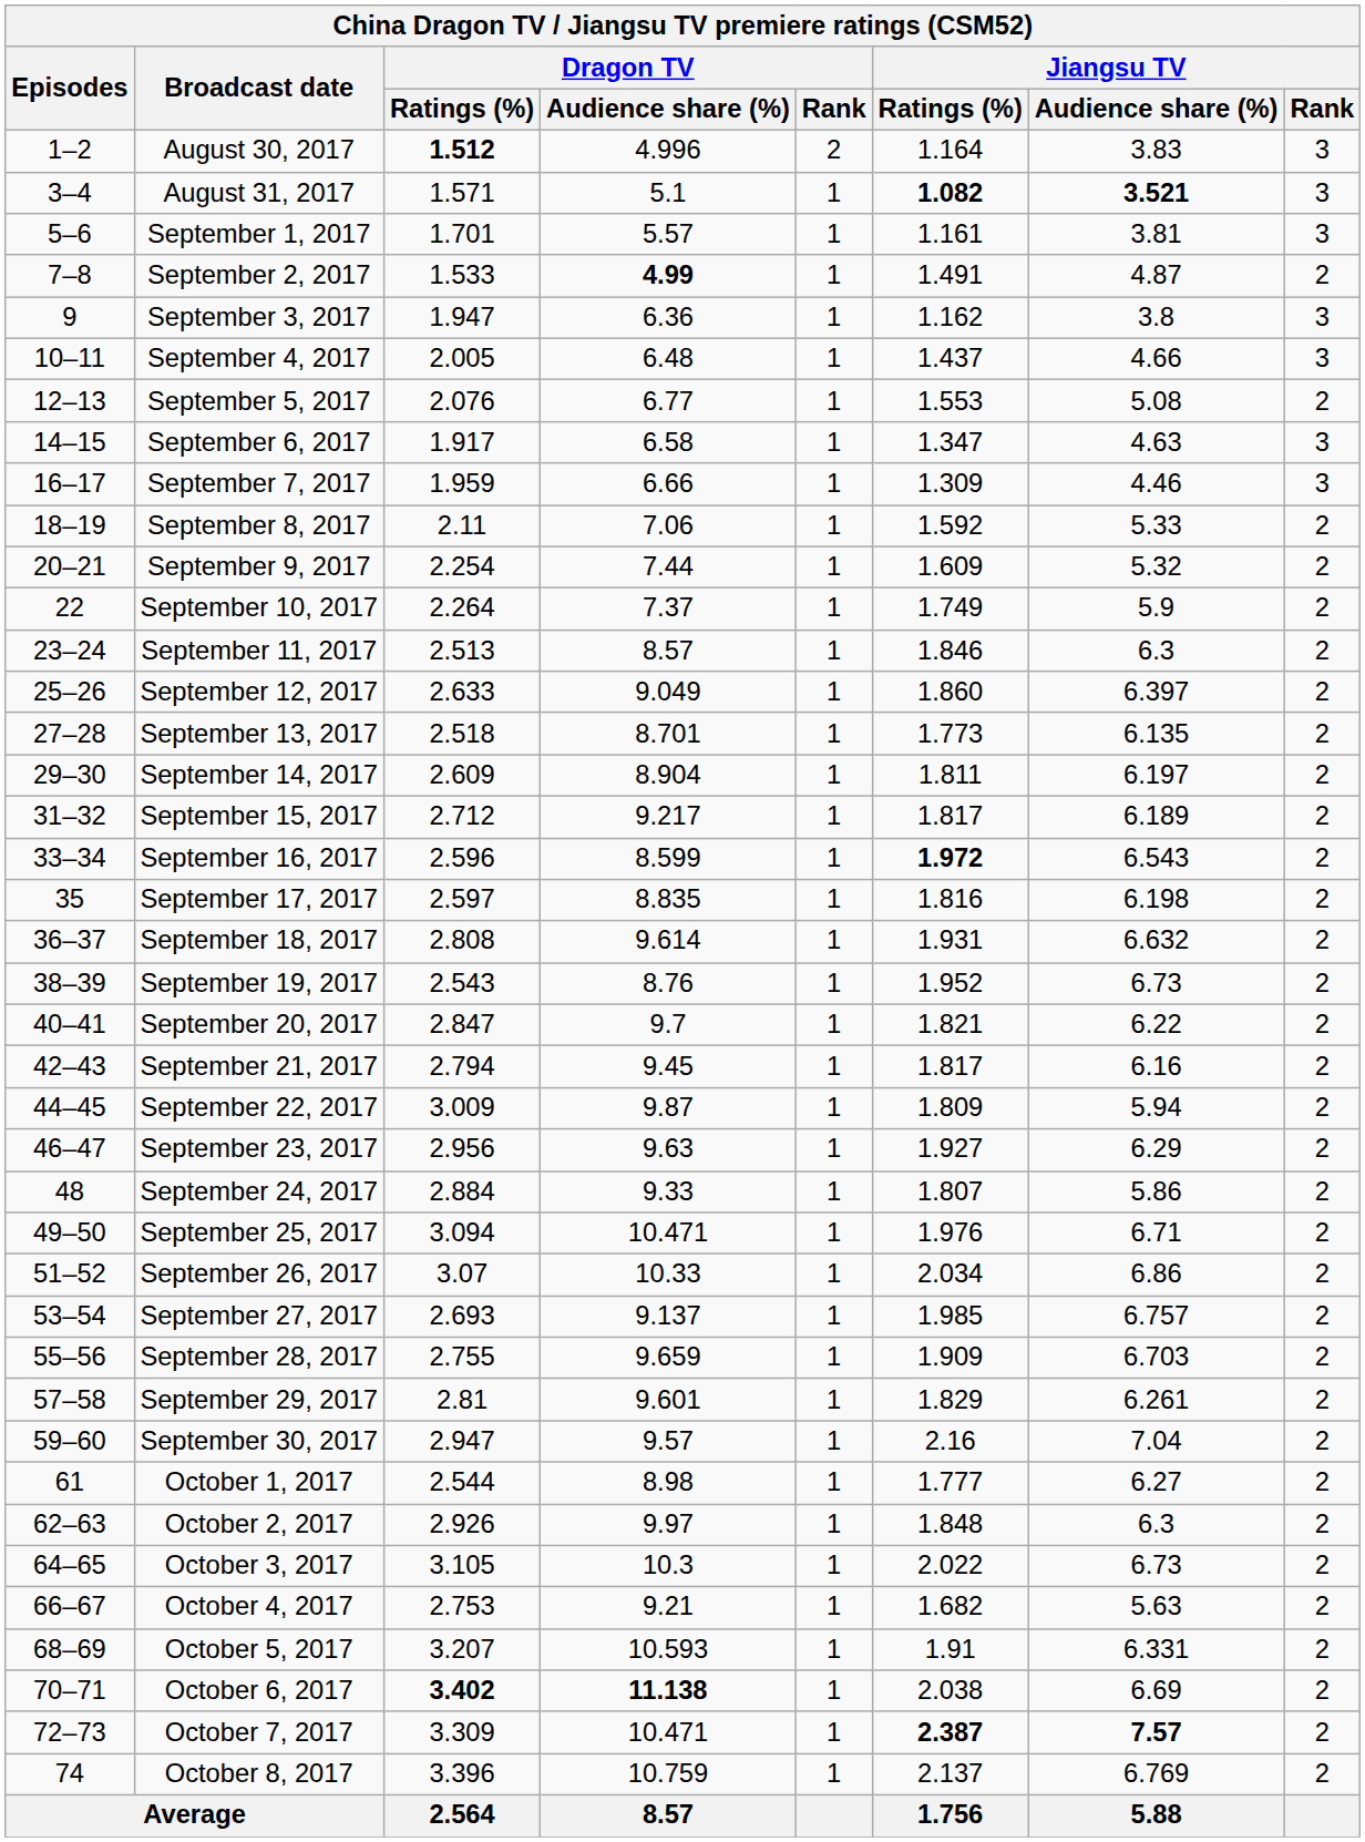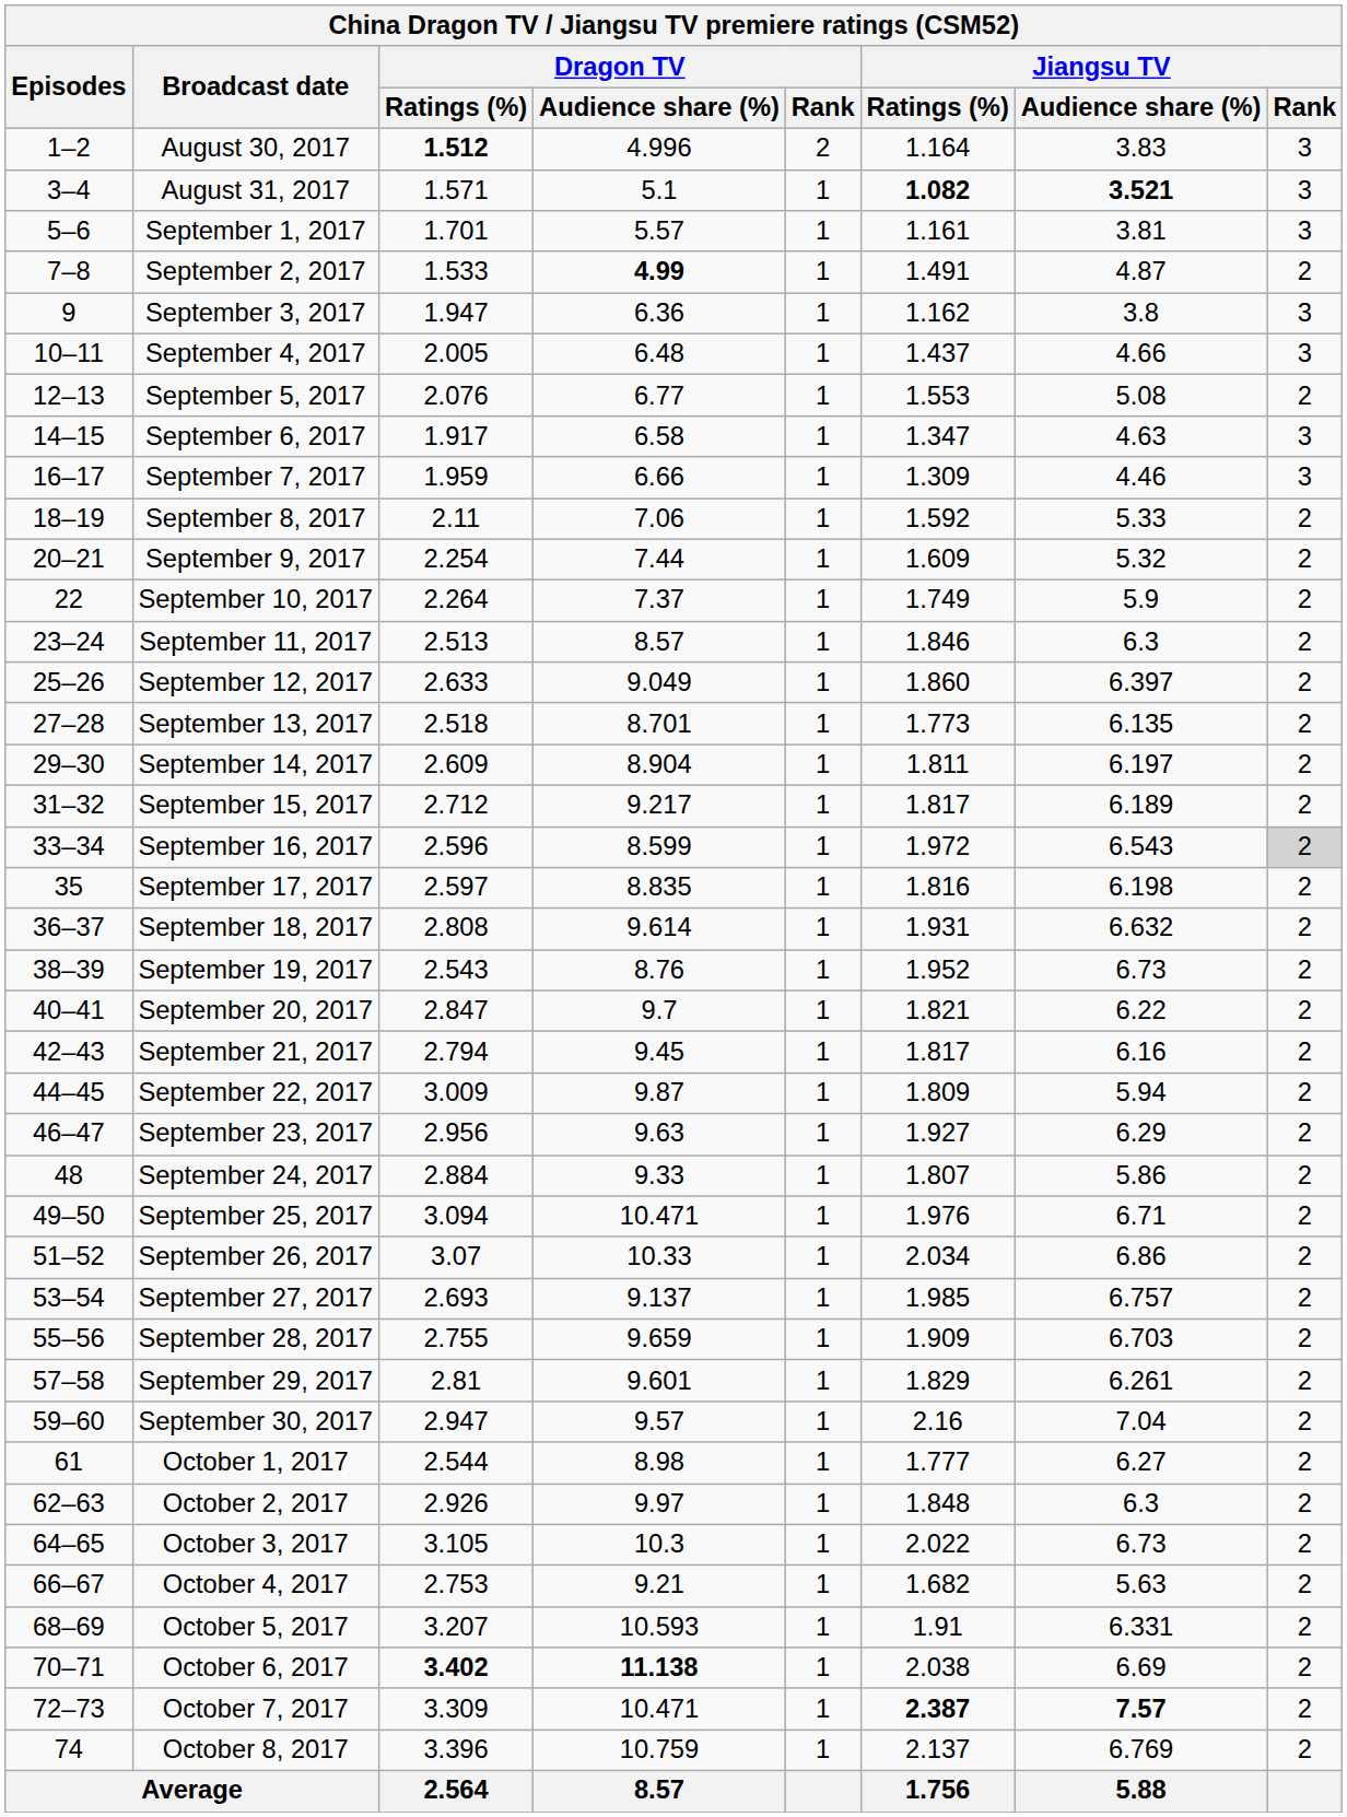 <table class="wikitable sortable mw-collapsible jquery-tablesorter" style="text-align:center">
 <tr>
 <th colspan="8"><strong>China Dragon TV / Jiangsu TV premiere ratings (CSM52)</strong></th>
 </tr>
 <tr>
 <th rowspan="2"><strong>Episodes</strong></th>
 <th rowspan="2"><strong>Broadcast date</strong></th>
 <th colspan="3"><strong><a href='#'>Dragon TV</a></strong></th>
 <th colspan="3"><strong><a href='#'>Jiangsu TV</a></strong></th>
 </tr>
 <tr>
 <th><strong>Ratings (%)</strong></th>
 <th><strong>Audience share (%)</strong></th>
 <th><strong>Rank</strong></th>
 <th><strong>Ratings (%)</strong></th>
 <th><strong>Audience share (%)</strong></th>
 <th><strong>Rank</strong></th>
 </tr>
 <tr>
 <td>1–2</td>
 <td>August 30, 2017</td>
 <td><strong><span>1.512</span></strong></td>
 <td>4.996</td>
 <td>2</td>
 <td>1.164</td>
 <td>3.83</td>
 <td>3</td>
 </tr>
 <tr>
 <td>3–4</td>
 <td>August 31, 2017</td>
 <td>1.571</td>
 <td>5.1</td>
 <td>1</td>
 <td><strong><span>1.082</span></strong></td>
 <td><strong><span>3.521</span></strong></td>
 <td>3</td>
 </tr>
 <tr>
 <td>5–6</td>
 <td>September 1, 2017</td>
 <td>1.701</td>
 <td>5.57</td>
 <td>1</td>
 <td>1.161</td>
 <td>3.81</td>
 <td>3</td>
 </tr>
 <tr>
 <td>7–8</td>
 <td>September 2, 2017</td>
 <td>1.533</td>
 <td><strong><span>4.99</span></strong></td>
 <td>1</td>
 <td>1.491</td>
 <td>4.87</td>
 <td>2</td>
 </tr>
 <tr>
 <td>9</td>
 <td>September 3, 2017</td>
 <td>1.947</td>
 <td>6.36</td>
 <td>1</td>
 <td>1.162</td>
 <td>3.8</td>
 <td>3</td>
 </tr>
 <tr>
 <td>10–11</td>
 <td>September 4, 2017</td>
 <td>2.005</td>
 <td>6.48</td>
 <td>1</td>
 <td>1.437</td>
 <td>4.66</td>
 <td>3</td>
 </tr>
 <tr>
 <td>12–13</td>
 <td>September 5, 2017</td>
 <td>2.076</td>
 <td>6.77</td>
 <td>1</td>
 <td>1.553</td>
 <td>5.08</td>
 <td>2</td>
 </tr>
 <tr>
 <td>14–15</td>
 <td>September 6, 2017</td>
 <td>1.917</td>
 <td>6.58</td>
 <td>1</td>
 <td>1.347</td>
 <td>4.63</td>
 <td>3</td>
 </tr>
 <tr>
 <td>16–17</td>
 <td>September 7, 2017</td>
 <td>1.959</td>
 <td>6.66</td>
 <td>1</td>
 <td>1.309</td>
 <td>4.46</td>
 <td>3</td>
 </tr>
 <tr>
 <td>18–19</td>
 <td>September 8, 2017</td>
 <td>2.11</td>
 <td>7.06</td>
 <td>1</td>
 <td>1.592</td>
 <td>5.33</td>
 <td>2</td>
 </tr>
 <tr>
 <td>20–21</td>
 <td>September 9, 2017</td>
 <td>2.254</td>
 <td>7.44</td>
 <td>1</td>
 <td>1.609</td>
 <td>5.32</td>
 <td>2</td>
 </tr>
 <tr>
 <td>22</td>
 <td>September 10, 2017</td>
 <td>2.264</td>
 <td>7.37</td>
 <td>1</td>
 <td>1.749</td>
 <td>5.9</td>
 <td>2</td>
 </tr>
 <tr>
 <td>23–24</td>
 <td>September 11, 2017</td>
 <td>2.513</td>
 <td>8.57</td>
 <td>1</td>
 <td>1.846</td>
 <td>6.3</td>
 <td>2</td>
 </tr>
 <tr>
 <td>25–26</td>
 <td>September 12, 2017</td>
 <td>2.633</td>
 <td>9.049</td>
 <td>1</td>
 <td>1.860</td>
 <td>6.397</td>
 <td>2</td>
 </tr>
 <tr>
 <td>27–28</td>
 <td>September 13, 2017</td>
 <td>2.518</td>
 <td>8.701</td>
 <td>1</td>
 <td>1.773</td>
 <td>6.135</td>
 <td>2</td>
 </tr>
 <tr>
 <td>29–30</td>
 <td>September 14, 2017</td>
 <td>2.609</td>
 <td>8.904</td>
 <td>1</td>
 <td>1.811</td>
 <td>6.197</td>
 <td>2</td>
 </tr>
 <tr>
 <td>31–32</td>
 <td>September 15, 2017</td>
 <td>2.712</td>
 <td>9.217</td>
 <td>1</td>
 <td>1.817</td>
 <td>6.189</td>
 <td>2</td>
 </tr>
 <tr>
 <td>33–34</td>
 <td>September 16, 2017</td>
 <td>2.596</td>
 <td>8.599</td>
 <td>1</td>
-<td><strong>1.972</strong></td>
+<td>1.972</td>
 <td>6.543</td>
-<td>2</td>
+<td style="background: lightgrey;">2</td>
 </tr>
 <tr>
 <td>35</td>
 <td>September 17, 2017</td>
 <td>2.597</td>
 <td>8.835</td>
 <td>1</td>
 <td>1.816</td>
 <td>6.198</td>
 <td>2</td>
 </tr>
 <tr>
 <td>36–37</td>
 <td>September 18, 2017</td>
 <td>2.808</td>
 <td>9.614</td>
 <td>1</td>
 <td>1.931</td>
 <td>6.632</td>
 <td>2</td>
 </tr>
 <tr>
 <td>38–39</td>
 <td>September 19, 2017</td>
 <td>2.543</td>
 <td>8.76</td>
 <td>1</td>
 <td>1.952</td>
 <td>6.73</td>
 <td>2</td>
 </tr>
 <tr>
 <td>40–41</td>
 <td>September 20, 2017</td>
 <td>2.847</td>
 <td>9.7</td>
 <td>1</td>
 <td>1.821</td>
 <td>6.22</td>
 <td>2</td>
 </tr>
 <tr>
 <td>42–43</td>
 <td>September 21, 2017</td>
 <td>2.794</td>
 <td>9.45</td>
 <td>1</td>
 <td>1.817</td>
 <td>6.16</td>
 <td>2</td>
 </tr>
 <tr>
 <td>44–45</td>
 <td>September 22, 2017</td>
 <td>3.009</td>
 <td>9.87</td>
 <td>1</td>
 <td>1.809</td>
 <td>5.94</td>
 <td>2</td>
 </tr>
 <tr>
 <td>46–47</td>
 <td>September 23, 2017</td>
 <td>2.956</td>
 <td>9.63</td>
 <td>1</td>
 <td>1.927</td>
 <td>6.29</td>
 <td>2</td>
 </tr>
 <tr>
 <td>48</td>
 <td>September 24, 2017</td>
 <td>2.884</td>
 <td>9.33</td>
 <td>1</td>
 <td>1.807</td>
 <td>5.86</td>
 <td>2</td>
 </tr>
 <tr>
 <td>49–50</td>
 <td>September 25, 2017</td>
 <td>3.094</td>
 <td>10.471</td>
 <td>1</td>
 <td>1.976</td>
 <td>6.71</td>
 <td>2</td>
 </tr>
 <tr>
 <td>51–52</td>
 <td>September 26, 2017</td>
 <td>3.07</td>
 <td>10.33</td>
 <td>1</td>
 <td>2.034</td>
 <td>6.86</td>
 <td>2</td>
 </tr>
 <tr>
 <td>53–54</td>
 <td>September 27, 2017</td>
 <td>2.693</td>
 <td>9.137</td>
 <td>1</td>
 <td>1.985</td>
 <td>6.757</td>
 <td>2</td>
 </tr>
 <tr>
 <td>55–56</td>
 <td>September 28, 2017</td>
 <td>2.755</td>
 <td>9.659</td>
 <td>1</td>
 <td>1.909</td>
 <td>6.703</td>
 <td>2</td>
 </tr>
 <tr>
 <td>57–58</td>
 <td>September 29, 2017</td>
 <td>2.81</td>
 <td>9.601</td>
 <td>1</td>
 <td>1.829</td>
 <td>6.261</td>
 <td>2</td>
 </tr>
 <tr>
 <td>59–60</td>
 <td>September 30, 2017</td>
 <td>2.947</td>
 <td>9.57</td>
 <td>1</td>
 <td>2.16</td>
 <td>7.04</td>
 <td>2</td>
 </tr>
 <tr>
 <td>61</td>
 <td>October 1, 2017</td>
 <td>2.544</td>
 <td>8.98</td>
 <td>1</td>
 <td>1.777</td>
 <td>6.27</td>
 <td>2</td>
 </tr>
 <tr>
 <td>62–63</td>
 <td>October 2, 2017</td>
 <td>2.926</td>
 <td>9.97</td>
 <td>1</td>
 <td>1.848</td>
 <td>6.3</td>
 <td>2</td>
 </tr>
 <tr>
 <td>64–65</td>
 <td>October 3, 2017</td>
 <td>3.105</td>
 <td>10.3</td>
 <td>1</td>
 <td>2.022</td>
 <td>6.73</td>
 <td>2</td>
 </tr>
 <tr>
 <td>66–67</td>
 <td>October 4, 2017</td>
 <td>2.753</td>
 <td>9.21</td>
 <td>1</td>
 <td>1.682</td>
 <td>5.63</td>
 <td>2</td>
 </tr>
 <tr>
 <td>68–69</td>
 <td>October 5, 2017</td>
 <td>3.207</td>
 <td>10.593</td>
 <td>1</td>
 <td>1.91</td>
 <td>6.331</td>
 <td>2</td>
 </tr>
 <tr>
 <td>70–71</td>
 <td>October 6, 2017</td>
 <td><strong><span>3.402</span></strong></td>
 <td><strong><span>11.138</span></strong></td>
 <td>1</td>
 <td>2.038</td>
 <td>6.69</td>
 <td>2</td>
 </tr>
 <tr>
 <td>72–73</td>
 <td>October 7, 2017</td>
 <td>3.309</td>
 <td>10.471</td>
 <td>1</td>
 <td><strong><span>2.387</span></strong></td>
 <td><strong><span>7.57</span></strong></td>
 <td>2</td>
 </tr>
 <tr>
 <td>74</td>
 <td>October 8, 2017</td>
 <td>3.396</td>
 <td>10.759</td>
 <td>1</td>
 <td>2.137</td>
 <td>6.769</td>
 <td>2</td>
 </tr>
 <tr>
 <th colspan=2>Average</th>
 <th>2.564</th>
 <th>8.57</th>
 <th></th>
 <th>1.756</th>
 <th>5.88</th>
 <th></th>
 </tr>
 </table>
